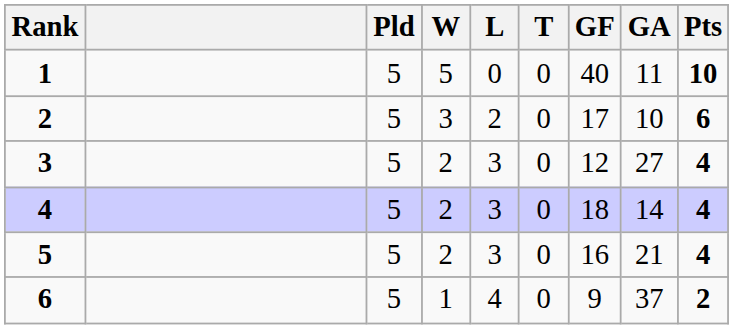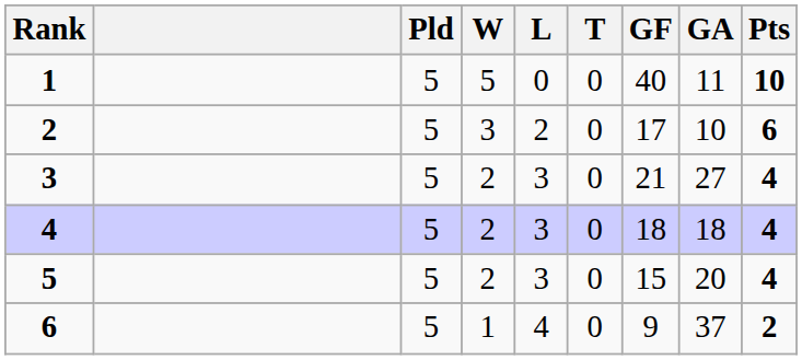 <table class="wikitable">
 <tr>
 <th bgcolor="#efefef" width="20">Rank</th>
 <th bgcolor="#efefef" width="150"></th>
 <th bgcolor="#efefef" width="20">Pld</th>
 <th bgcolor="#efefef" width="20">W</th>
 <th bgcolor="#efefef" width="20">L</th>
 <th bgcolor="#efefef" width="20">T</th>
 <th bgcolor="#efefef" width="20">GF</th>
 <th bgcolor="#efefef" width="20">GA</th>
 <th bgcolor="#efefef" width="20">Pts</th>
 </tr>
 <tr align=center>
 <td><strong>1</strong></td>
 <td align=left></td>
 <td>5</td>
 <td>5</td>
 <td>0</td>
 <td>0</td>
 <td>40</td>
 <td>11</td>
 <td><strong>10</strong></td>
 </tr>
 <tr align=center>
 <td><strong>2</strong></td>
 <td align=left></td>
 <td>5</td>
 <td>3</td>
 <td>2</td>
 <td>0</td>
 <td>17</td>
 <td>10</td>
 <td><strong>6</strong></td>
 </tr>
 <tr align=center>
 <td><strong>3</strong></td>
 <td align=left></td>
 <td>5</td>
 <td>2</td>
 <td>3</td>
 <td>0</td>
-<td>12</td>
+<td>21</td>
 <td>27</td>
 <td><strong>4</strong></td>
 </tr>
 <tr align=center bgcolor="ccccff">
 <td><strong>4</strong></td>
 <td align=left></td>
 <td>5</td>
 <td>2</td>
 <td>3</td>
 <td>0</td>
 <td>18</td>
-<td>14</td>
+<td>18</td>
 <td><strong>4</strong></td>
 </tr>
 <tr align=center>
 <td><strong>5</strong></td>
 <td align=left></td>
 <td>5</td>
 <td>2</td>
 <td>3</td>
 <td>0</td>
-<td>16</td>
-<td>21</td>
+<td>15</td>
+<td>20</td>
 <td><strong>4</strong></td>
 </tr>
 <tr align=center>
 <td><strong>6</strong></td>
 <td align=left></td>
 <td>5</td>
 <td>1</td>
 <td>4</td>
 <td>0</td>
 <td>9</td>
 <td>37</td>
 <td><strong>2</strong></td>
 </tr>
 </table>
